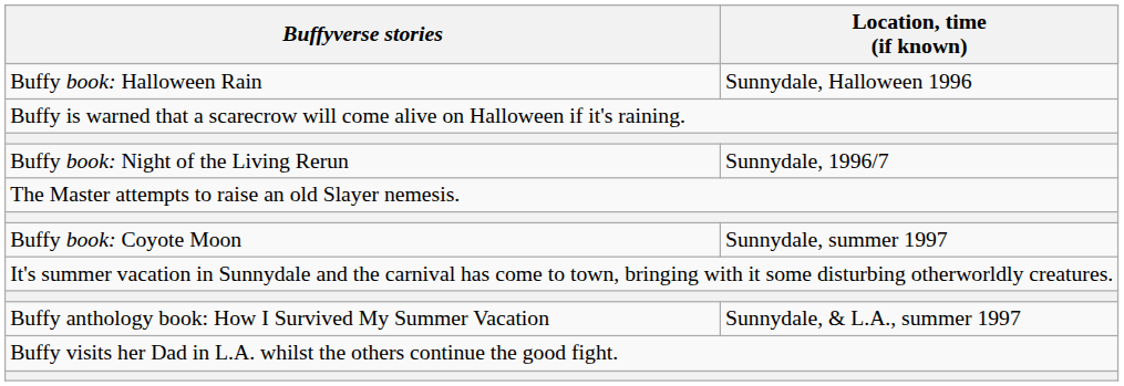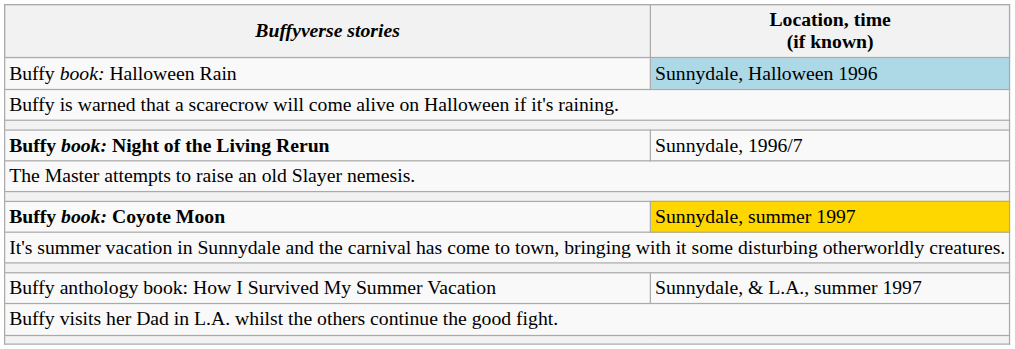 <table class="wikitable">
 <tr bgcolor="lightsteelblue" align=left>
 <th><strong><em>Buffyverse<em> stories<strong></th>
 <th></strong>Location, time<strong> <br>  (if known)</th>
 </tr>
 <tr>
 <td></em>Buffy<em> book: </em>Halloween Rain<em></td>
-<td>Sunnydale, Halloween 1996</td>
+<td style="background: lightblue;">Sunnydale, Halloween 1996</td>
 </tr>
 <tr>
 <td colspan="4">Buffy is warned that a scarecrow will come alive on Halloween if it's raining.</td>
 </tr>
 <tr>
 <td colspan="6" bgcolor="#f2f2f2"></td>
 </tr>
 <tr>
-<td></em>Buffy<em> book: </em>Night of the Living Rerun<em></td>
+<td><strong></em>Buffy<em> book: </em>Night of the Living Rerun<em></strong></td>
 <td>Sunnydale, 1996/7</td>
 </tr>
 <tr>
 <td colspan="4">The Master attempts to raise an old Slayer nemesis.</td>
 </tr>
 <tr>
 <td colspan="6" bgcolor="#f2f2f2"></td>
 </tr>
 <tr>
-<td></em>Buffy<em> book: </em>Coyote Moon<em></td>
-<td>Sunnydale, summer 1997</td>
+<td><strong></em>Buffy<em> book: </em>Coyote Moon<em></strong></td>
+<td style="background: gold;">Sunnydale, summer 1997</td>
 </tr>
 <tr>
 <td colspan="4">It's summer vacation in Sunnydale and the carnival has come to town, bringing with it some disturbing otherworldly creatures.</td>
 </tr>
 <tr>
 <td colspan="6" bgcolor="#f2f2f2"></td>
 </tr>
 <tr>
 <td>Buffy anthology book: </em>How I Survived My Summer Vacation<em></td>
 <td>Sunnydale, & L.A., summer 1997</td>
 </tr>
 <tr>
 <td colspan="4">Buffy visits her Dad in L.A. whilst the others continue the good fight.</td>
 </tr>
 <tr>
 <td colspan="6" bgcolor="#f2f2f2"></td>
 </tr>
 </table>
